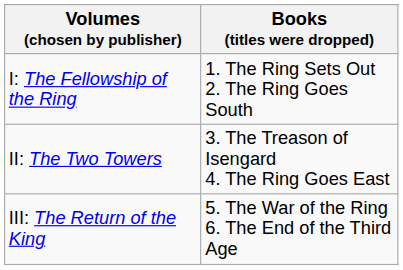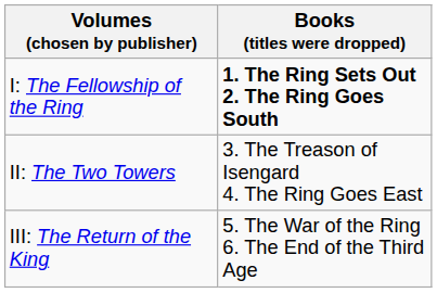 <table class="wikitable floatright">
 <tr>
 <th scope="col" style="width: 165px;">Volumes<br><small>(chosen by publisher)</small></th>
 <th scope="col" style="width: 165px;">Books<br><small>(titles were dropped)</small></th>
 </tr>
 <tr>
 <td>I: <em><a href='#'>The Fellowship of the Ring</a></em></td>
-<td>1. The Ring Sets Out<br>2. The Ring Goes South</td>
+<td><strong>1. The Ring Sets Out<br>2. The Ring Goes South</strong></td>
 </tr>
 <tr>
 <td>II: <em><a href='#'>The Two Towers</a></em></td>
 <td>3. The Treason of Isengard<br>4. The Ring Goes East</td>
 </tr>
 <tr>
 <td>III: <em><a href='#'>The Return of the King</a></em></td>
 <td>5. The War of the Ring<br>6. The End of the Third Age</td>
 </tr>
 </table>
